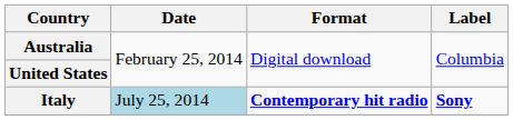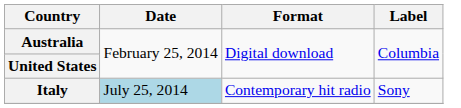 <table class="wikitable plainrowheaders">
 <tr>
 <th scope="col">Country</th>
 <th scope="col">Date</th>
 <th scope="col">Format</th>
 <th scope="col">Label</th>
 </tr>
 <tr>
 <th scope="row">Australia</th>
 <td rowspan="2">February 25, 2014</td>
 <td rowspan="2"><a href='#'>Digital download</a></td>
 <td rowspan="2"><a href='#'>Columbia</a></td>
 </tr>
 <tr>
 <th scope="row">United States</th>
 </tr>
 <tr>
 <th scope="row">Italy</th>
 <td style="background: lightblue;">July 25, 2014</td>
-<td><strong><a href='#'>Contemporary hit radio</a></strong></td>
-<td><strong><a href='#'>Sony</a></strong></td>
+<td><a href='#'>Contemporary hit radio</a></td>
+<td><a href='#'>Sony</a></td>
 </tr>
 <tr>
 </tr>
 </table>
